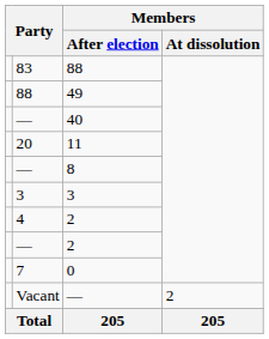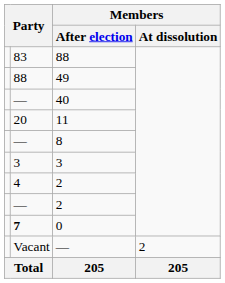 <table class="wikitable">
 <tr>
 <th colspan="2" rowspan="2">Party</th>
 <th colspan="2">Members</th>
 </tr>
 <tr>
 <th>After <a href='#'>election</a></th>
 <th>At dissolution</th>
 </tr>
 <tr>
 <td></td>
 <td>83</td>
 <td>88</td>
 </tr>
 <tr>
 <td></td>
 <td>88</td>
 <td>49</td>
 </tr>
 <tr>
 <td></td>
 <td>—</td>
 <td>40</td>
 </tr>
 <tr>
 <td></td>
 <td>20</td>
 <td>11</td>
 </tr>
 <tr>
 <td></td>
 <td>—</td>
 <td>8</td>
 </tr>
 <tr>
 <td></td>
 <td>3</td>
 <td>3</td>
 </tr>
 <tr>
 <td></td>
 <td>4</td>
 <td>2</td>
 </tr>
 <tr>
 <td></td>
 <td>—</td>
 <td>2</td>
 </tr>
 <tr>
 <td></td>
-<td>7</td>
+<td><strong>7</strong></td>
 <td>0</td>
 </tr>
 <tr>
 <td></td>
 <td>Vacant</td>
 <td>—</td>
 <td>2</td>
 </tr>
 <tr>
 <th colspan="2">Total</th>
 <th>205</th>
 <th>205</th>
 </tr>
 </table>
